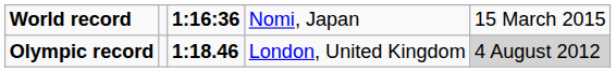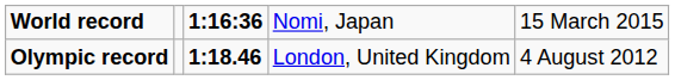 <table class="wikitable">
 <tr>
 <td><strong>World record</strong></td>
 <td></td>
 <td><strong>1:16:36</strong></td>
 <td><a href='#'>Nomi</a>, Japan</td>
 <td>15 March 2015</td>
 </tr>
 <tr>
 <td><strong>Olympic record</strong></td>
 <td></td>
 <td><strong>1:18.46</strong></td>
 <td><a href='#'>London</a>, United Kingdom</td>
-<td style="background: lightgrey;">4 August 2012</td>
+<td>4 August 2012</td>
 </tr>
 </table>
